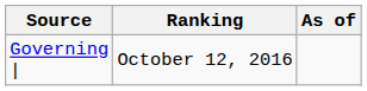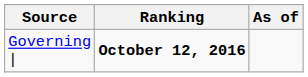 <table class="wikitable" style="text-align:center">
 <tr>
 <th>Source</th>
 <th>Ranking</th>
 <th>As of</th>
 </tr>
 <tr>
 <td align=left><a href='#'>Governing</a><br>| </td>
-<td>October 12, 2016</td>
+<td><strong>October 12, 2016</strong></td>
 </tr>
 </table>
